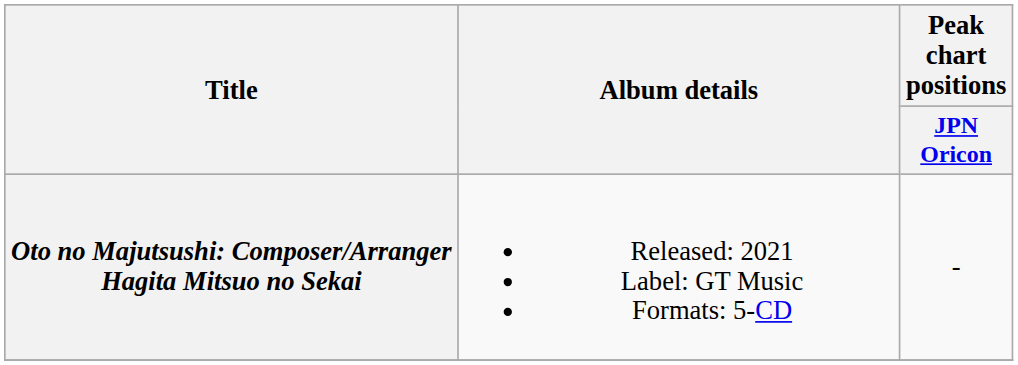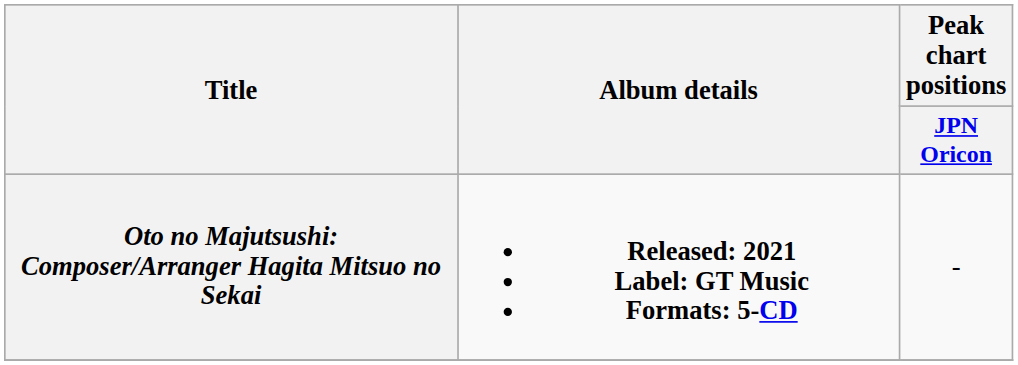 <table class="wikitable plainrowheaders" style="text-align:center;">
 <tr>
 <th scope="col" rowspan="2" style="width:19em;">Title</th>
 <th scope="col" rowspan="2" style="width:19em;">Album details</th>
 <th scope="col">Peak chart positions</th>
 </tr>
 <tr>
 <th scope="col" style="width:2.9em;font-size:90%;"><a href='#'>JPN<br>Oricon</a><br></th>
 </tr>
 <tr>
 <th scope="row"><em>Oto no Majutsushi: Composer/Arranger Hagita Mitsuo no Sekai</em></th>
-<td><br><ul><li>Released: 2021</li><li>Label: GT Music</li><li>Formats: 5-<a href='#'>CD</a></li></ul></td>
+<td><strong><br><ul><li>Released: 2021</li><li>Label: GT Music</li><li>Formats: 5-<a href='#'>CD</a></li></ul></strong></td>
 <td>-</td>
 </tr>
 <tr>
 </tr>
 </table>
